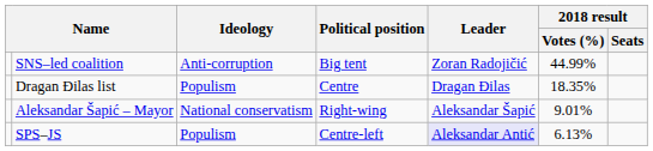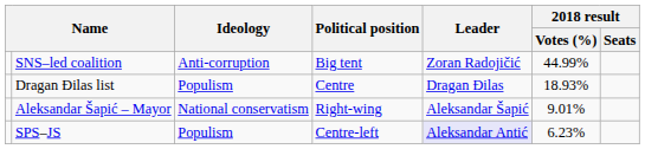 <table class="wikitable" style="text-align:left">
 <tr>
 <th colspan="2" rowspan="2">Name</th>
 <th rowspan="2">Ideology</th>
 <th rowspan="2">Political position</th>
 <th rowspan="2">Leader</th>
 <th colspan="2">2018 result</th>
 </tr>
 <tr>
 <th>Votes (%)</th>
 <th>Seats</th>
 </tr>
 <tr>
 <td style="background:"></td>
 <td><a href='#'>SNS–led coalition</a></td>
 <td><a href='#'>Anti-corruption</a></td>
 <td><a href='#'>Big tent</a></td>
 <td><a href='#'>Zoran Radojičić</a></td>
 <td style="text-align:center;">44.99%</td>
 <td></td>
 </tr>
 <tr>
 <td style="background:"></td>
 <td>Dragan Đilas list</td>
 <td><a href='#'>Populism</a></td>
 <td><a href='#'>Centre</a></td>
 <td><a href='#'>Dragan Đilas</a></td>
-<td style="text-align:center;">18.35%</td>
+<td style="text-align:center;">18.93%</td>
 <td></td>
 </tr>
 <tr>
 <td style="background:"></td>
 <td><a href='#'>Aleksandar Šapić – Mayor</a></td>
 <td><a href='#'>National conservatism</a></td>
 <td><a href='#'>Right-wing</a></td>
 <td><a href='#'>Aleksandar Šapić</a></td>
 <td style="text-align:center;">9.01%</td>
 <td></td>
 </tr>
 <tr>
 <td style="background:"></td>
 <td><a href='#'>SPS</a>–<a href='#'>JS</a></td>
 <td><a href='#'>Populism</a></td>
 <td><a href='#'>Centre-left</a></td>
 <td style="background: lavender;"><a href='#'>Aleksandar Antić</a></td>
-<td style="text-align:center;">6.13%</td>
+<td style="text-align:center;">6.23%</td>
 <td></td>
 </tr>
 </table>
